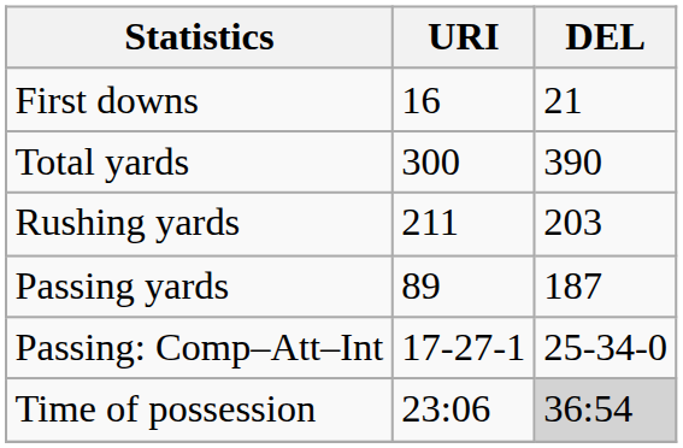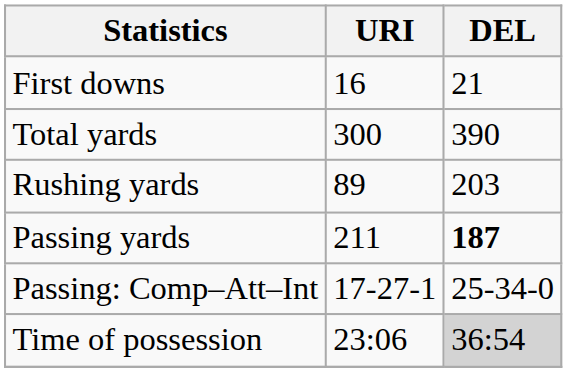 <table class="wikitable" style="float: left;">
 <tr>
 <th>Statistics</th>
 <th>URI</th>
 <th>DEL</th>
 </tr>
 <tr>
 <td>First downs</td>
 <td>16</td>
 <td>21</td>
 </tr>
 <tr>
 <td>Total yards</td>
 <td>300</td>
 <td>390</td>
 </tr>
 <tr>
 <td>Rushing yards</td>
-<td>211</td>
+<td>89</td>
 <td>203</td>
 </tr>
 <tr>
 <td>Passing yards</td>
-<td>89</td>
-<td>187</td>
+<td>211</td>
+<td><strong>187</strong></td>
 </tr>
 <tr>
 <td>Passing: Comp–Att–Int</td>
 <td>17-27-1</td>
 <td>25-34-0</td>
 </tr>
 <tr>
 <td>Time of possession</td>
 <td>23:06</td>
 <td style="background: lightgrey;">36:54</td>
 </tr>
 <tr>
 </tr>
 </table>
